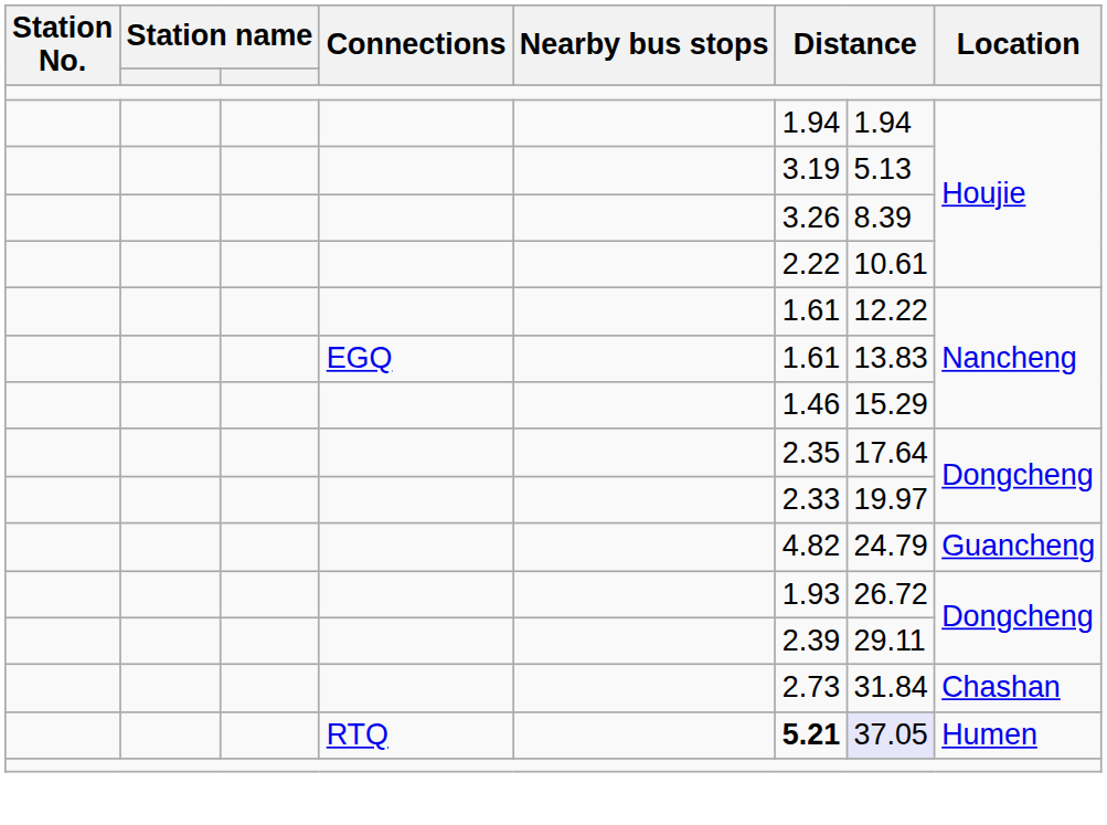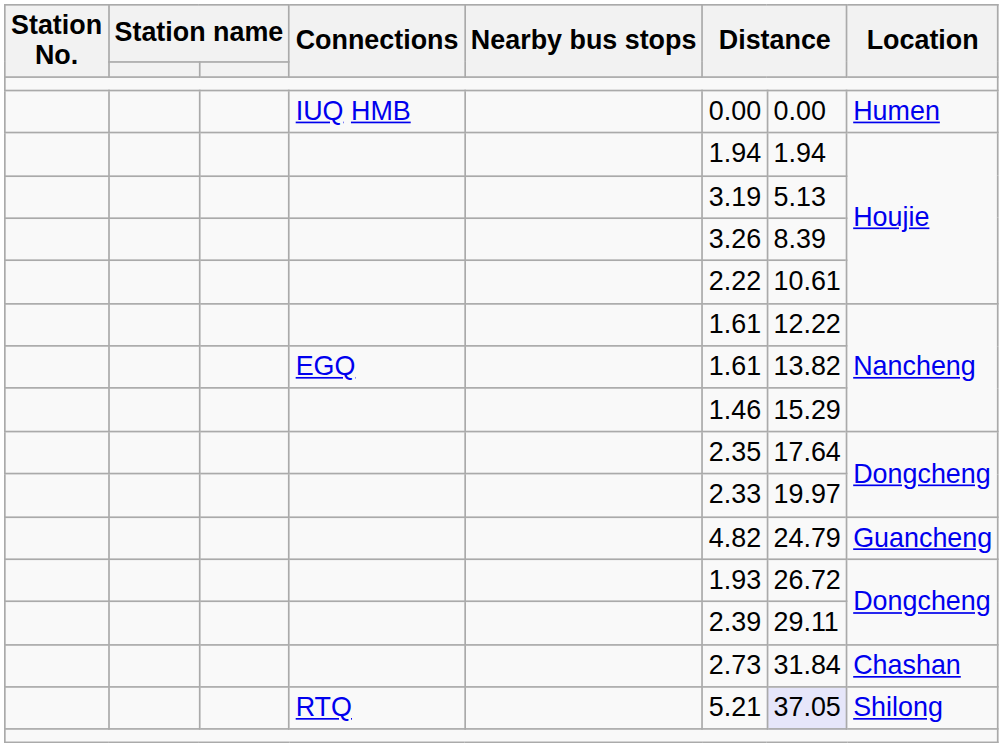 <table class="wikitable">
 <tr>
 <th rowspan="2">Station<br>No.</th>
 <th colspan="2">Station name</th>
 <th rowspan="2">Connections</th>
 <th rowspan="2">Nearby bus stops</th>
 <th colspan="2" rowspan="2">Distance<br></th>
 <th rowspan="2">Location</th>
 </tr>
 <tr>
 <th></th>
 <th></th>
 </tr>
 <tr style="background:#">
 <td colspan = "8"></td>
+</tr>
+<tr>
+<td></td>
+<td></td>
+<td></td>
+<td> <a href='#'>IUQ</a> <a href='#'>HMB</a>  </td>
+<td></td>
+<td>0.00</td>
+<td>0.00</td>
+<td><a href='#'>Humen</a></td>
 </tr>
 <tr>
 <td></td>
 <td></td>
 <td></td>
 <td></td>
 <td></td>
 <td>1.94</td>
 <td>1.94</td>
 <td rowspan="4"><a href='#'>Houjie</a></td>
 </tr>
 <tr>
 <td></td>
 <td></td>
 <td></td>
 <td></td>
 <td></td>
 <td>3.19</td>
 <td>5.13</td>
 </tr>
 <tr>
 <td></td>
 <td></td>
 <td></td>
 <td></td>
 <td></td>
 <td>3.26</td>
 <td>8.39</td>
 </tr>
 <tr>
 <td></td>
 <td></td>
 <td></td>
 <td></td>
 <td></td>
 <td>2.22</td>
 <td>10.61</td>
 </tr>
 <tr>
 <td></td>
 <td></td>
 <td></td>
 <td></td>
 <td></td>
 <td>1.61</td>
 <td>12.22</td>
 <td rowspan="3"><a href='#'>Nancheng</a></td>
 </tr>
 <tr>
 <td></td>
 <td></td>
 <td></td>
 <td> <a href='#'>EGQ</a> </td>
 <td></td>
 <td>1.61</td>
-<td>13.83</td>
+<td>13.82</td>
 </tr>
 <tr>
 <td></td>
 <td></td>
 <td></td>
 <td></td>
 <td></td>
 <td>1.46</td>
 <td>15.29</td>
 </tr>
 <tr>
 <td></td>
 <td></td>
 <td></td>
 <td></td>
 <td></td>
 <td>2.35</td>
 <td>17.64</td>
 <td rowspan="2"><a href='#'>Dongcheng</a></td>
 </tr>
 <tr>
 <td></td>
 <td></td>
 <td></td>
 <td></td>
 <td></td>
 <td>2.33</td>
 <td>19.97</td>
 </tr>
 <tr>
 <td></td>
 <td></td>
 <td></td>
 <td></td>
 <td></td>
 <td>4.82</td>
 <td>24.79</td>
 <td><a href='#'>Guancheng</a></td>
 </tr>
 <tr>
 <td></td>
 <td></td>
 <td></td>
 <td></td>
 <td></td>
 <td>1.93</td>
 <td>26.72</td>
 <td rowspan="2"><a href='#'>Dongcheng</a></td>
 </tr>
 <tr>
 <td></td>
 <td></td>
 <td></td>
 <td></td>
 <td></td>
 <td>2.39</td>
 <td>29.11</td>
 </tr>
 <tr>
 <td></td>
 <td></td>
 <td></td>
 <td></td>
 <td></td>
 <td>2.73</td>
 <td>31.84</td>
 <td><a href='#'>Chashan</a></td>
 </tr>
 <tr>
 <td></td>
 <td></td>
 <td></td>
 <td>  <a href='#'>RTQ</a></td>
 <td></td>
-<td><strong>5.21</strong></td>
+<td>5.21</td>
 <td style="background: lavender;">37.05</td>
-<td><a href='#'>Humen</a></td>
+<td><a href='#'>Shilong</a></td>
 </tr>
 <tr style="background:#">
 <td colspan = "8"></td>
 </tr>
 </table>
